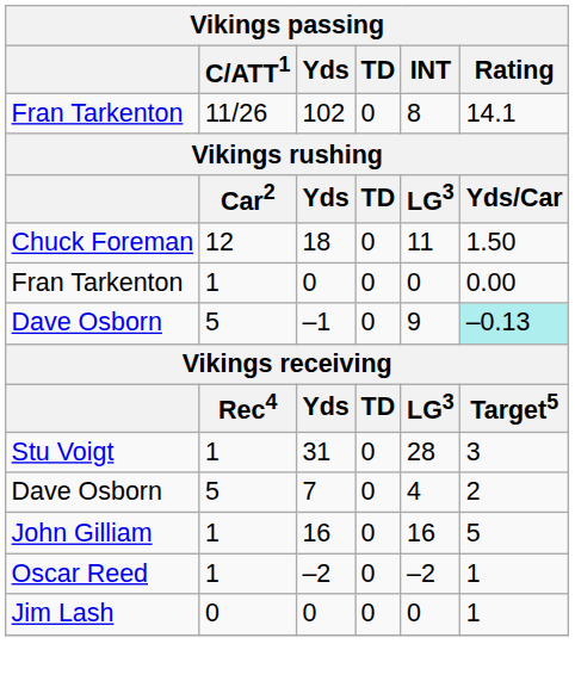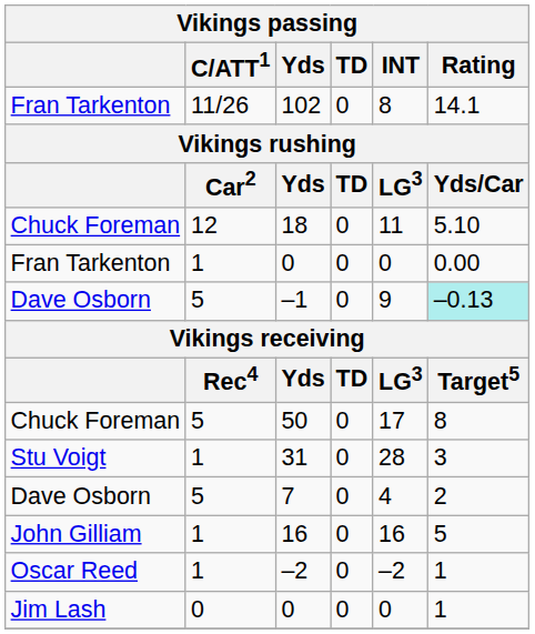 <table class="wikitable">
 <tr>
 <th colspan="6">Vikings passing</th>
 </tr>
 <tr>
 <th></th>
 <th>C/ATT<sup>1</sup></th>
 <th>Yds</th>
 <th>TD</th>
 <th>INT</th>
 <th>Rating</th>
 </tr>
 <tr>
 <td><a href='#'>Fran Tarkenton</a></td>
 <td>11/26</td>
 <td>102</td>
 <td>0</td>
 <td>8</td>
 <td>14.1</td>
 </tr>
 <tr>
 <th colspan="6">Vikings rushing</th>
 </tr>
 <tr>
 <th></th>
 <th>Car<sup>2</sup></th>
 <th>Yds</th>
 <th>TD</th>
 <th>LG<sup>3</sup></th>
 <th>Yds/Car</th>
 </tr>
 <tr>
 <td><a href='#'>Chuck Foreman</a></td>
 <td>12</td>
 <td>18</td>
 <td>0</td>
 <td>11</td>
-<td>1.50</td>
+<td>5.10</td>
 </tr>
 <tr>
 <td>Fran Tarkenton</td>
 <td>1</td>
 <td>0</td>
 <td>0</td>
 <td>0</td>
 <td>0.00</td>
 </tr>
 <tr>
 <td><a href='#'>Dave Osborn</a></td>
 <td>5</td>
 <td>–1</td>
 <td>0</td>
 <td>9</td>
 <td style="background: paleturquoise;">–0.13</td>
 </tr>
 <tr>
 <th colspan="6">Vikings receiving</th>
 </tr>
 <tr>
 <th></th>
 <th>Rec<sup>4</sup></th>
 <th>Yds</th>
 <th>TD</th>
 <th>LG<sup>3</sup></th>
 <th>Target<sup>5</sup></th>
+</tr>
+<tr>
+<td>Chuck Foreman</td>
+<td>5</td>
+<td>50</td>
+<td>0</td>
+<td>17</td>
+<td>8</td>
 </tr>
 <tr>
 <td><a href='#'>Stu Voigt</a></td>
 <td>1</td>
 <td>31</td>
 <td>0</td>
 <td>28</td>
 <td>3</td>
 </tr>
 <tr>
 <td>Dave Osborn</td>
 <td>5</td>
 <td>7</td>
 <td>0</td>
 <td>4</td>
 <td>2</td>
 </tr>
 <tr>
 <td><a href='#'>John Gilliam</a></td>
 <td>1</td>
 <td>16</td>
 <td>0</td>
 <td>16</td>
 <td>5</td>
 </tr>
 <tr>
 <td><a href='#'>Oscar Reed</a></td>
 <td>1</td>
 <td>–2</td>
 <td>0</td>
 <td>–2</td>
 <td>1</td>
 </tr>
 <tr>
 <td><a href='#'>Jim Lash</a></td>
 <td>0</td>
 <td>0</td>
 <td>0</td>
 <td>0</td>
 <td>1</td>
 </tr>
 <tr>
 </tr>
 </table>
